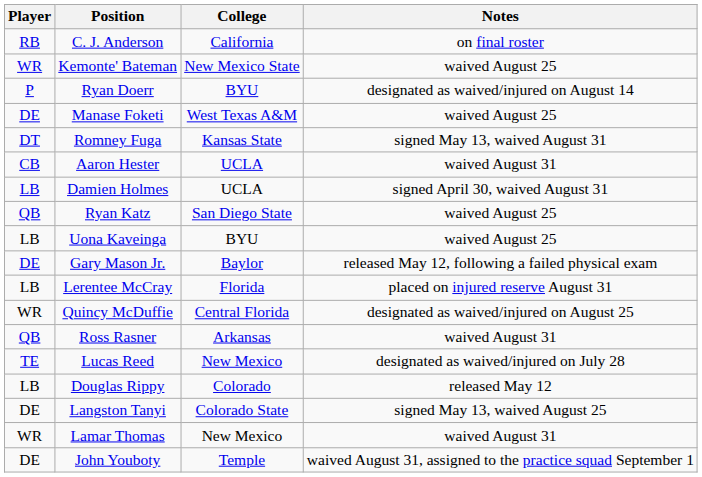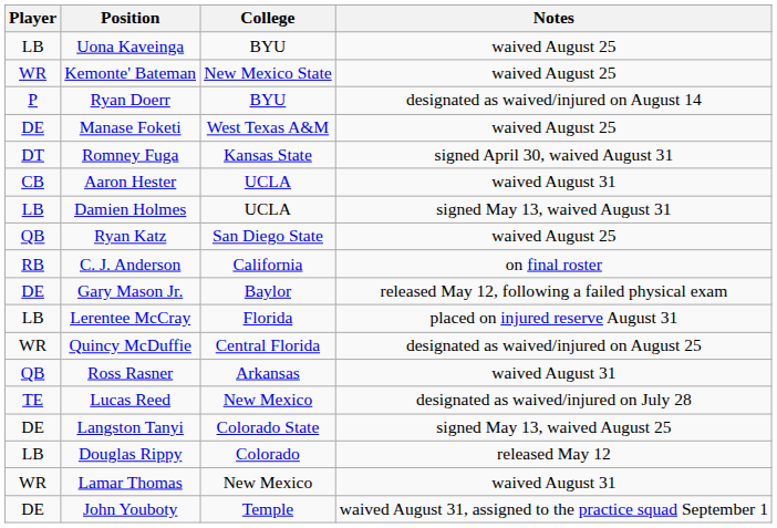 <table class="wikitable" style="text-align:center">
 <tr>
 <th>Player</th>
 <th>Position</th>
 <th>College</th>
 <th>Notes</th>
 </tr>
 <tr>
-<td><a href='#'>RB</a></td>
-<td><a href='#'>C. J. Anderson</a></td>
-<td><a href='#'>California</a></td>
-<td>on <a href='#'>final roster</a></td>
+<td>LB</td>
+<td><a href='#'>Uona Kaveinga</a></td>
+<td>BYU</td>
+<td>waived August 25</td>
 </tr>
 <tr>
 <td><a href='#'>WR</a></td>
 <td><a href='#'>Kemonte' Bateman</a></td>
 <td><a href='#'>New Mexico State</a></td>
 <td>waived August 25</td>
 </tr>
 <tr>
 <td><a href='#'>P</a></td>
 <td><a href='#'>Ryan Doerr</a></td>
 <td><a href='#'>BYU</a></td>
 <td>designated as waived/injured on August 14</td>
 </tr>
 <tr>
 <td><a href='#'>DE</a></td>
 <td><a href='#'>Manase Foketi</a></td>
 <td><a href='#'>West Texas A&M</a></td>
 <td>waived August 25</td>
 </tr>
 <tr>
 <td><a href='#'>DT</a></td>
 <td><a href='#'>Romney Fuga</a></td>
 <td><a href='#'>Kansas State</a></td>
-<td>signed May 13, waived August 31</td>
+<td>signed April 30, waived August 31</td>
 </tr>
 <tr>
 <td><a href='#'>CB</a></td>
 <td><a href='#'>Aaron Hester</a></td>
 <td><a href='#'>UCLA</a></td>
 <td>waived August 31</td>
 </tr>
 <tr>
 <td><a href='#'>LB</a></td>
 <td><a href='#'>Damien Holmes</a></td>
 <td>UCLA</td>
-<td>signed April 30, waived August 31</td>
+<td>signed May 13, waived August 31</td>
 </tr>
 <tr>
 <td><a href='#'>QB</a></td>
 <td><a href='#'>Ryan Katz</a></td>
 <td><a href='#'>San Diego State</a></td>
 <td>waived August 25</td>
 </tr>
 <tr>
-<td>LB</td>
-<td><a href='#'>Uona Kaveinga</a></td>
-<td>BYU</td>
-<td>waived August 25</td>
+<td><a href='#'>RB</a></td>
+<td><a href='#'>C. J. Anderson</a></td>
+<td><a href='#'>California</a></td>
+<td>on <a href='#'>final roster</a></td>
 </tr>
 <tr>
 <td><a href='#'>DE</a></td>
 <td><a href='#'>Gary Mason Jr.</a></td>
 <td><a href='#'>Baylor</a></td>
 <td>released May 12, following a failed physical exam</td>
 </tr>
 <tr>
 <td>LB</td>
 <td><a href='#'>Lerentee McCray</a></td>
 <td><a href='#'>Florida</a></td>
 <td>placed on <a href='#'>injured reserve</a> August 31</td>
 </tr>
 <tr>
 <td>WR</td>
 <td><a href='#'>Quincy McDuffie</a></td>
 <td><a href='#'>Central Florida</a></td>
 <td>designated as waived/injured on August 25</td>
 </tr>
 <tr>
 <td><a href='#'>QB</a></td>
 <td><a href='#'>Ross Rasner</a></td>
 <td><a href='#'>Arkansas</a></td>
 <td>waived August 31</td>
 </tr>
 <tr>
 <td><a href='#'>TE</a></td>
 <td><a href='#'>Lucas Reed</a></td>
 <td><a href='#'>New Mexico</a></td>
 <td>designated as waived/injured on July 28</td>
 </tr>
 <tr>
+<td>DE</td>
+<td><a href='#'>Langston Tanyi</a></td>
+<td><a href='#'>Colorado State</a></td>
+<td>signed May 13, waived August 25</td>
+</tr>
+<tr>
 <td>LB</td>
 <td><a href='#'>Douglas Rippy</a></td>
 <td><a href='#'>Colorado</a></td>
 <td>released May 12</td>
-</tr>
-<tr>
-<td>DE</td>
-<td><a href='#'>Langston Tanyi</a></td>
-<td><a href='#'>Colorado State</a></td>
-<td>signed May 13, waived August 25</td>
 </tr>
 <tr>
 <td>WR</td>
 <td><a href='#'>Lamar Thomas</a></td>
 <td>New Mexico</td>
 <td>waived August 31</td>
 </tr>
 <tr>
 <td>DE</td>
 <td><a href='#'>John Youboty</a></td>
 <td><a href='#'>Temple</a></td>
 <td>waived August 31, assigned to the <a href='#'>practice squad</a> September 1</td>
 </tr>
 </table>
